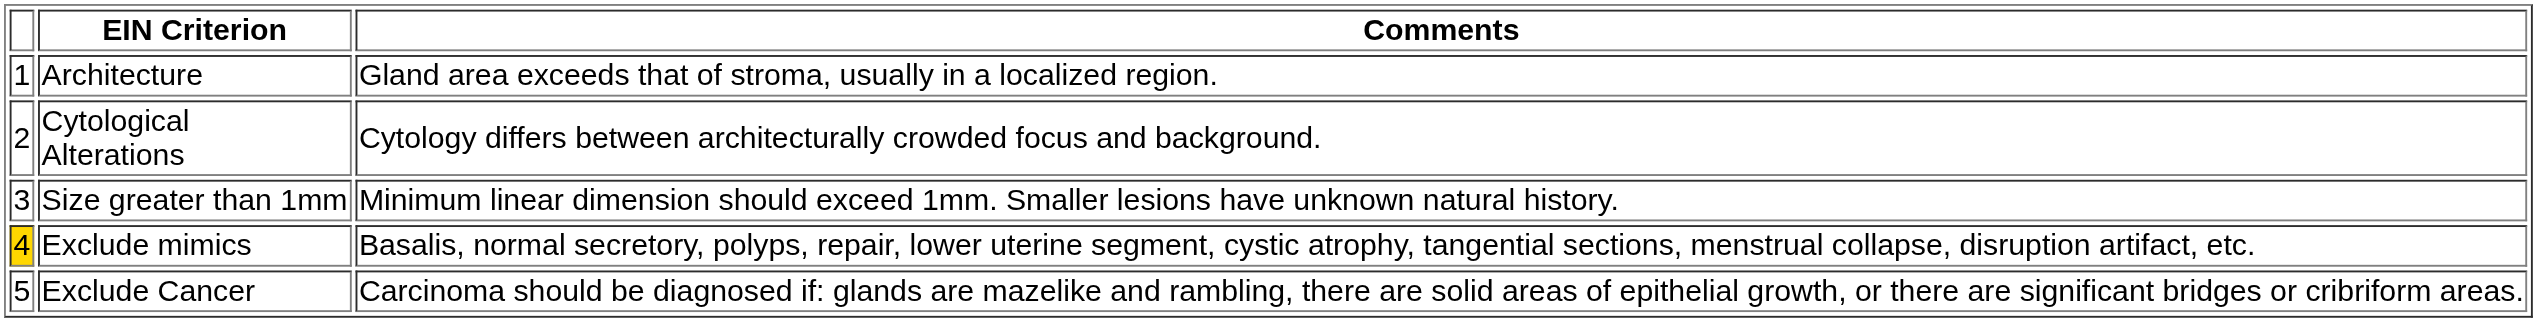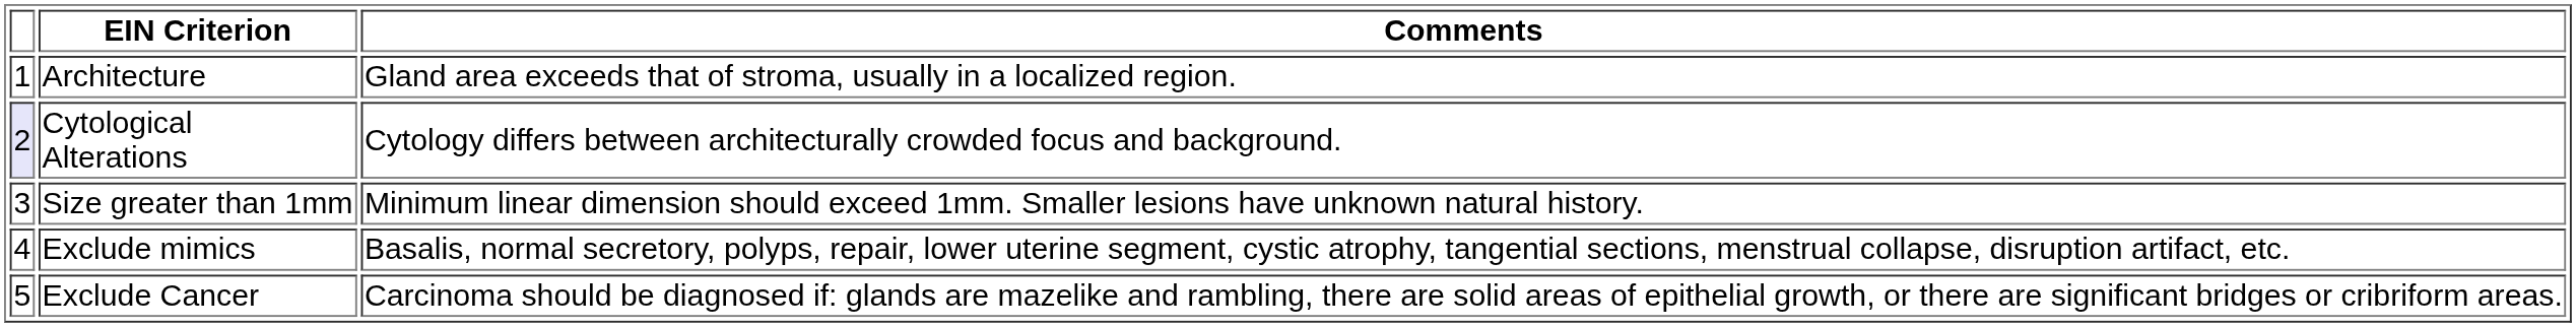 <table border="1">
 <tr>
 <th></th>
 <th>EIN Criterion</th>
 <th>Comments</th>
 </tr>
 <tr>
 <td>1</td>
 <td>Architecture</td>
 <td>Gland area exceeds that of stroma, usually in a localized region.</td>
 </tr>
 <tr>
-<td>2</td>
+<td style="background: lavender;">2</td>
 <td>Cytological<br> Alterations</td>
 <td>Cytology differs between architecturally crowded focus and background.</td>
 </tr>
 <tr>
 <td>3</td>
 <td>Size greater than 1mm</td>
 <td>Minimum linear dimension should exceed 1mm. Smaller lesions have unknown natural history.</td>
 </tr>
 <tr>
-<td style="background: gold;">4</td>
+<td>4</td>
 <td>Exclude mimics</td>
 <td>Basalis, normal secretory, polyps, repair, lower uterine segment, cystic atrophy, tangential sections, menstrual collapse, disruption artifact, etc.</td>
 </tr>
 <tr>
 <td>5</td>
 <td>Exclude Cancer</td>
 <td>Carcinoma should be diagnosed if: glands are mazelike and rambling, there are solid areas of epithelial growth, or there are significant bridges or cribriform areas.</td>
 </tr>
 </table>
